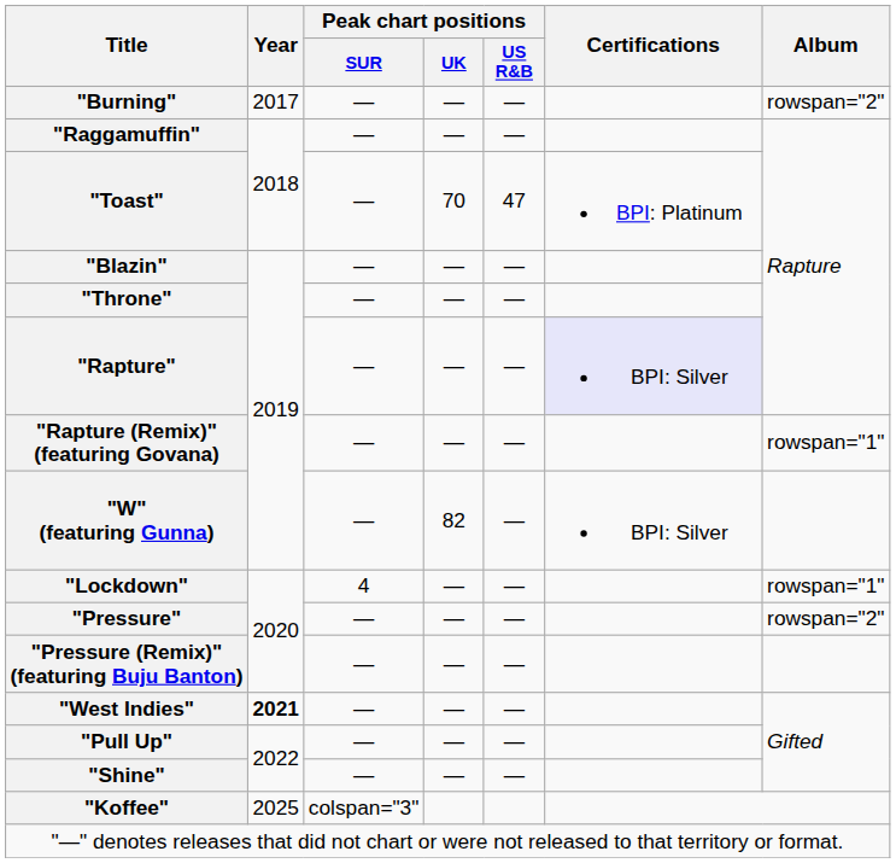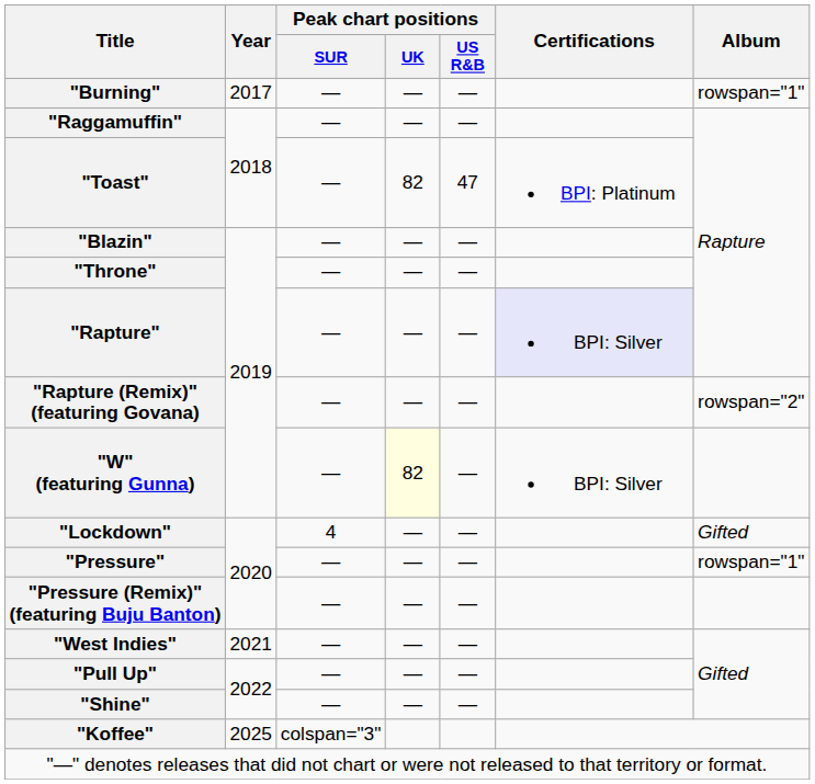 <table class="wikitable plainrowheaders" style="text-align:center;">
 <tr>
 <th rowspan="2">Title</th>
 <th rowspan="2">Year</th>
 <th colspan="3">Peak chart positions</th>
 <th rowspan="2" style="width:10em;">Certifications</th>
 <th rowspan="2">Album</th>
 </tr>
 <tr style="font-size:smaller;">
 <th style="width:3em;"><a href='#'>SUR</a><br></th>
 <th style="width:3em;"><a href='#'>UK</a><br></th>
 <th style="width:3em;"><a href='#'>US R&B</a><br></th>
 </tr>
 <tr>
 <th scope="row">"Burning"</th>
 <td rowspan="1">2017</td>
 <td>—</td>
 <td>—</td>
 <td>—</td>
 <td></td>
-<td>rowspan="2" </td>
+<td>rowspan="1" </td>
 </tr>
 <tr>
 <th scope="row">"Raggamuffin"</th>
 <td rowspan="2">2018</td>
 <td>—</td>
 <td>—</td>
 <td>—</td>
 <td></td>
 <td style="text-align:left;" rowspan="5"><em>Rapture</em></td>
 </tr>
 <tr>
 <th scope="row">"Toast"</th>
 <td>—</td>
-<td>70</td>
+<td>82</td>
 <td>47</td>
 <td><br><ul><li><a href='#'>BPI</a>: Platinum</li></ul></td>
 </tr>
 <tr>
 <th scope="row">"Blazin"</th>
 <td rowspan="5">2019</td>
 <td>—</td>
 <td>—</td>
 <td>—</td>
 <td></td>
 </tr>
 <tr>
 <th scope="row">"Throne"</th>
 <td>—</td>
 <td>—</td>
 <td>—</td>
 <td></td>
 </tr>
 <tr>
 <th scope="row">"Rapture"</th>
 <td>—</td>
 <td>—</td>
 <td>—</td>
 <td style="background: lavender;"><br><ul><li>BPI: Silver</li></ul></td>
 </tr>
 <tr>
 <th scope="row">"Rapture (Remix)"<br><span>(featuring Govana)</span></th>
 <td>—</td>
 <td>—</td>
 <td>—</td>
 <td></td>
-<td>rowspan="1" </td>
+<td>rowspan="2" </td>
 </tr>
 <tr>
 <th scope="row">"W"<br><span>(featuring <a href='#'>Gunna</a>)</span></th>
 <td>—</td>
-<td>82</td>
+<td style="background: lightyellow;">82</td>
 <td>—</td>
 <td><br><ul><li>BPI: Silver</li></ul></td>
 </tr>
 <tr>
 <th scope="row">"Lockdown"</th>
 <td rowspan="3">2020</td>
 <td>4</td>
 <td>—</td>
 <td>—</td>
 <td></td>
-<td>rowspan="1" </td>
+<td style="text-align:left;" rowspan="1"><em>Gifted</em></td>
 </tr>
 <tr>
 <th scope="row">"Pressure"</th>
 <td>—</td>
 <td>—</td>
 <td>—</td>
 <td></td>
-<td>rowspan="2" </td>
+<td>rowspan="1" </td>
 </tr>
 <tr>
 <th scope="row">"Pressure (Remix)"<br><span>(featuring <a href='#'>Buju Banton</a>)</span></th>
 <td>—</td>
 <td>—</td>
 <td>—</td>
 <td></td>
 </tr>
 <tr>
 <th scope="row">"West Indies"</th>
-<td rowspan="1"><strong>2021</strong></td>
+<td rowspan="1">2021</td>
 <td>—</td>
 <td>—</td>
 <td>—</td>
 <td></td>
 <td style="text-align:left;" rowspan="3"><em>Gifted</em></td>
 </tr>
 <tr>
 <th scope="row">"Pull Up"</th>
 <td rowspan="2">2022</td>
 <td>—</td>
 <td>—</td>
 <td>—</td>
 <td></td>
 </tr>
 <tr>
 <th scope="row">"Shine"</th>
 <td>—</td>
 <td>—</td>
 <td>—</td>
 <td></td>
 </tr>
 <tr>
 <th scope="row">"Koffee"</th>
 <td>2025</td>
 <td>colspan="3" </td>
 <td></td>
 <td></td>
 </tr>
 <tr>
 <td colspan="7">"—" denotes releases that did not chart or were not released to that territory or format.</td>
 </tr>
 </table>
